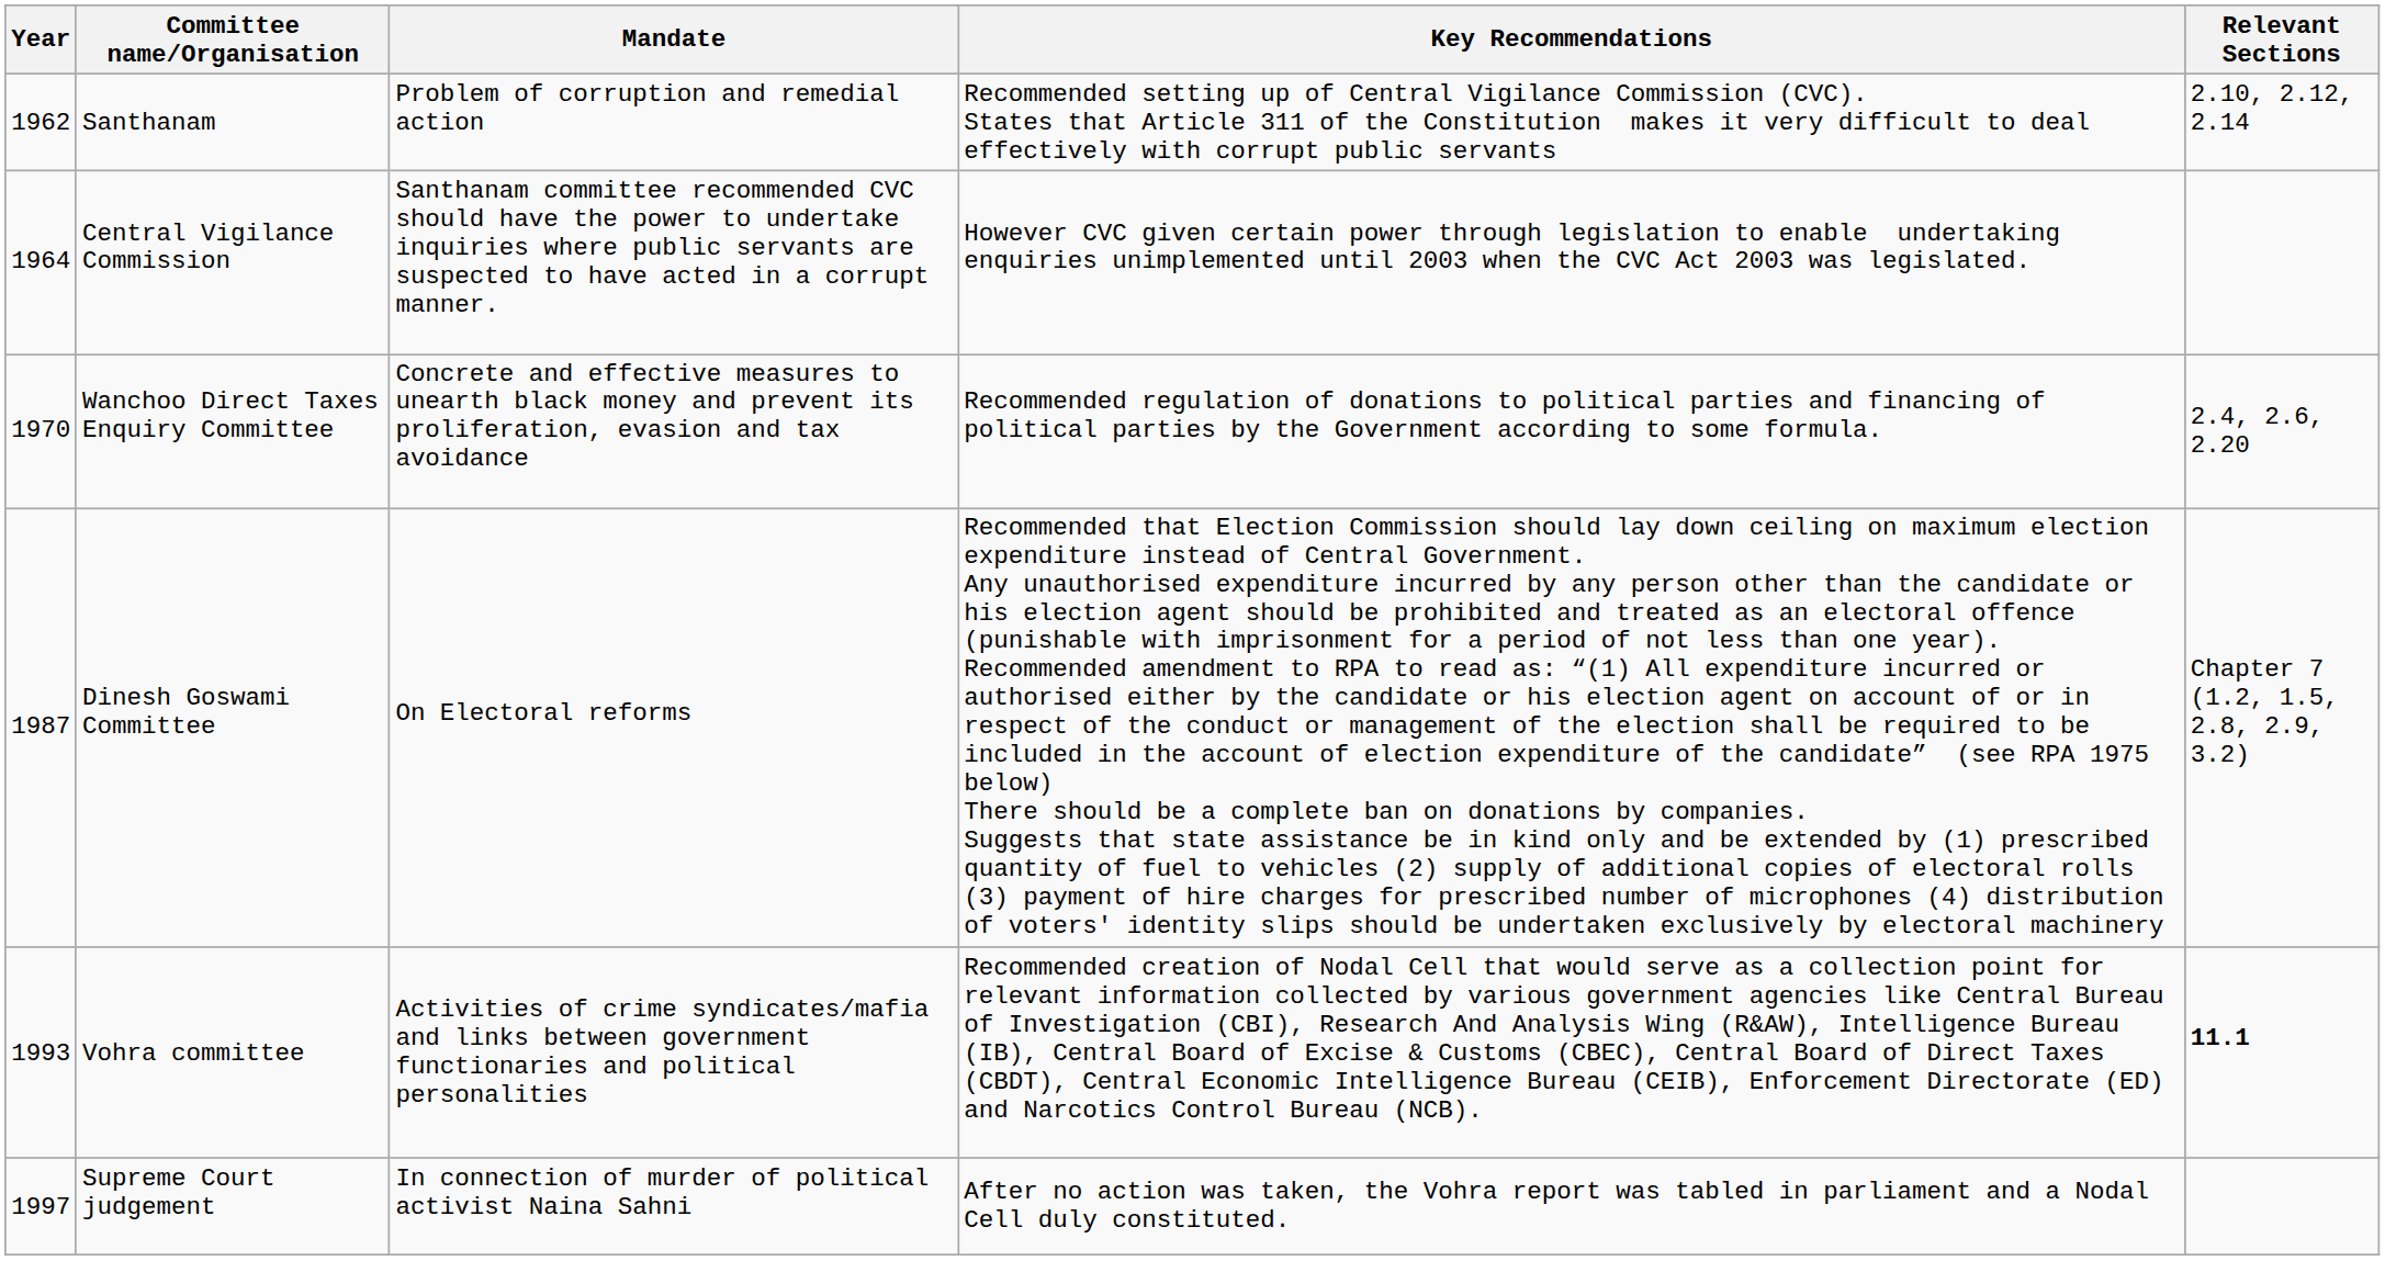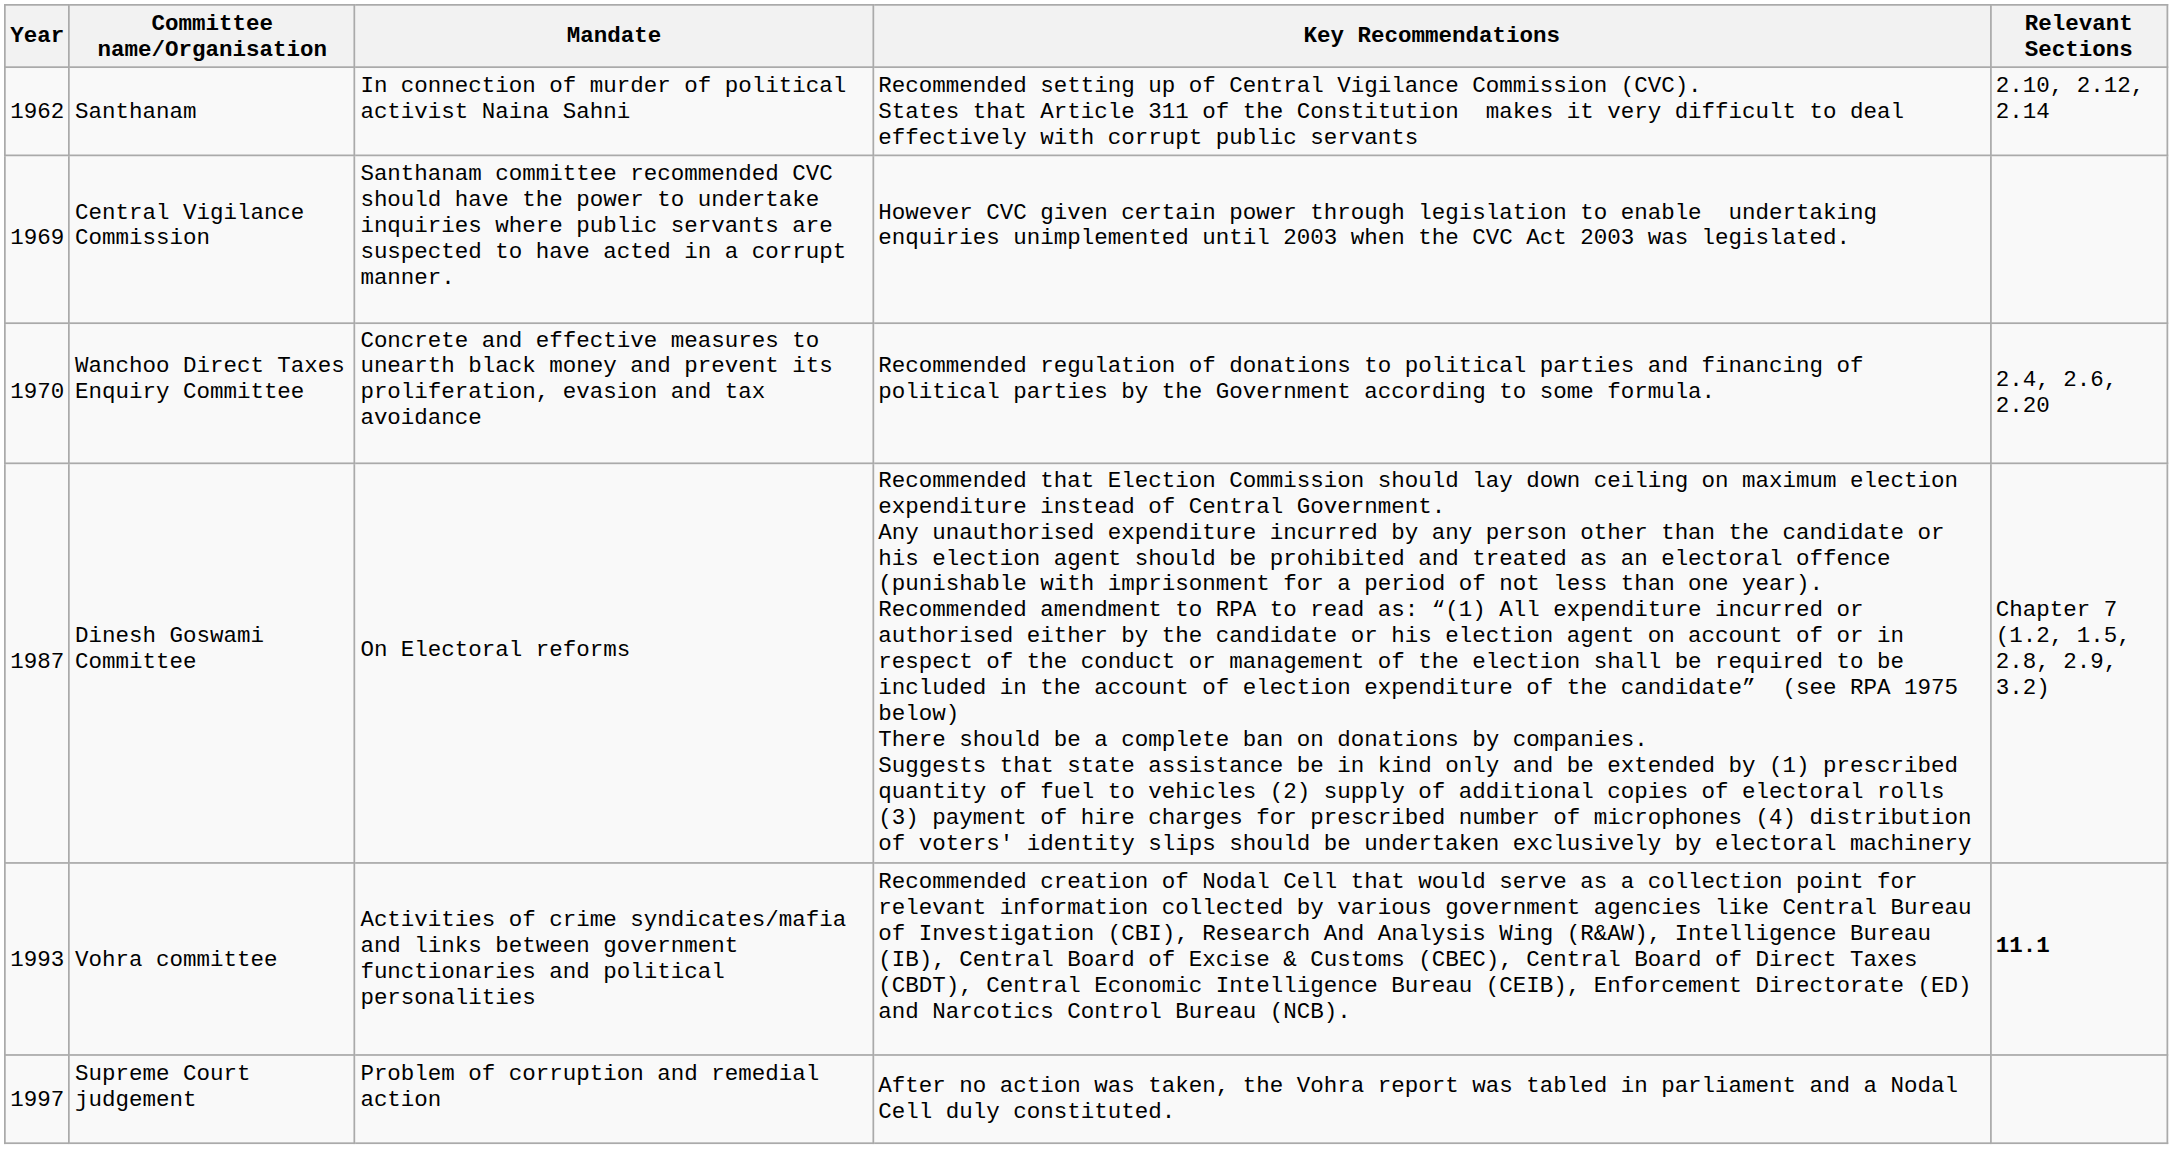 <table class="wikitable">
 <tr>
 <th>Year</th>
 <th>Committee name/Organisation</th>
 <th>Mandate</th>
 <th>Key Recommendations</th>
 <th>Relevant Sections</th>
 </tr>
 <tr>
 <td>1962</td>
 <td>Santhanam</td>
-<td>Problem of corruption and remedial action<br><br></td>
+<td>In connection of murder of political activist Naina Sahni<br><br></td>
 <td>Recommended setting up of Central Vigilance Commission (CVC).<br>States that Article 311 of the Constitution  makes it very difficult to deal effectively with corrupt public servants <br></td>
 <td>2.10, 2.12, 2.14<br><br></td>
 </tr>
 <tr>
-<td>1964</td>
+<td>1969</td>
 <td>Central Vigilance Commission<br><br></td>
 <td>Santhanam committee recommended CVC should have the power to undertake inquiries where public servants are suspected to have acted in a corrupt manner.<br><br></td>
 <td>However CVC given certain power through legislation to enable  undertaking enquiries unimplemented until 2003 when the CVC Act 2003 was legislated.<br><br></td>
 <td></td>
 </tr>
 <tr>
 <td>1970</td>
 <td>Wanchoo Direct Taxes Enquiry Committee<br><br></td>
 <td>Concrete and effective measures to unearth black money and prevent its proliferation, evasion and tax avoidance<br><br></td>
 <td>Recommended regulation of donations to political parties and financing of political parties by the Government according to some formula.<br><br></td>
 <td>2.4, 2.6, 2.20</td>
 </tr>
 <tr>
 <td>1987</td>
 <td>Dinesh Goswami  Committee<br><br></td>
 <td>On Electoral reforms<br><br></td>
 <td>Recommended that Election Commission should lay down ceiling on maximum election expenditure instead of Central Government.<br>Any unauthorised expenditure incurred by any person other than the candidate or his election agent should be prohibited and treated as an electoral offence (punishable with imprisonment for a period of not less than one year).<br>Recommended amendment to RPA to read as: “(1) All expenditure incurred or authorised either by the candidate or his election agent on account of or in respect of the conduct or management of the election shall be required to be included in the account of election expenditure of the candidate”  (see RPA 1975 below)<br>There should be a complete ban on donations by companies.<br>Suggests that state assistance be in kind only and be extended by (1) prescribed quantity of fuel to vehicles (2) supply of additional copies of electoral rolls (3) payment of hire charges for prescribed number of microphones (4) distribution of voters' identity slips should be undertaken exclusively by electoral machinery <br></td>
 <td>Chapter 7 (1.2, 1.5, 2.8, 2.9, 3.2)<br><br></td>
 </tr>
 <tr>
 <td>1993</td>
 <td>Vohra committee</td>
 <td>Activities of crime syndicates/mafia and links between government functionaries and political personalities</td>
 <td>Recommended creation of Nodal Cell that would serve as a collection point for relevant information collected by various government agencies like Central Bureau of Investigation (CBI), Research And Analysis Wing (R&AW), Intelligence Bureau (IB), Central Board of Excise & Customs (CBEC), Central Board of Direct Taxes (CBDT), Central Economic Intelligence Bureau (CEIB), Enforcement Directorate (ED) and Narcotics Control Bureau (NCB).<br><br></td>
 <td><strong>11.1<br><br></strong></td>
 </tr>
 <tr>
 <td>1997</td>
 <td>Supreme Court judgement<br><br></td>
-<td>In connection of murder of political activist Naina Sahni<br><br></td>
+<td>Problem of corruption and remedial action<br><br></td>
 <td>After no action was taken, the Vohra report was tabled in parliament and a Nodal Cell duly constituted.</td>
 <td></td>
 </tr>
 </table>
